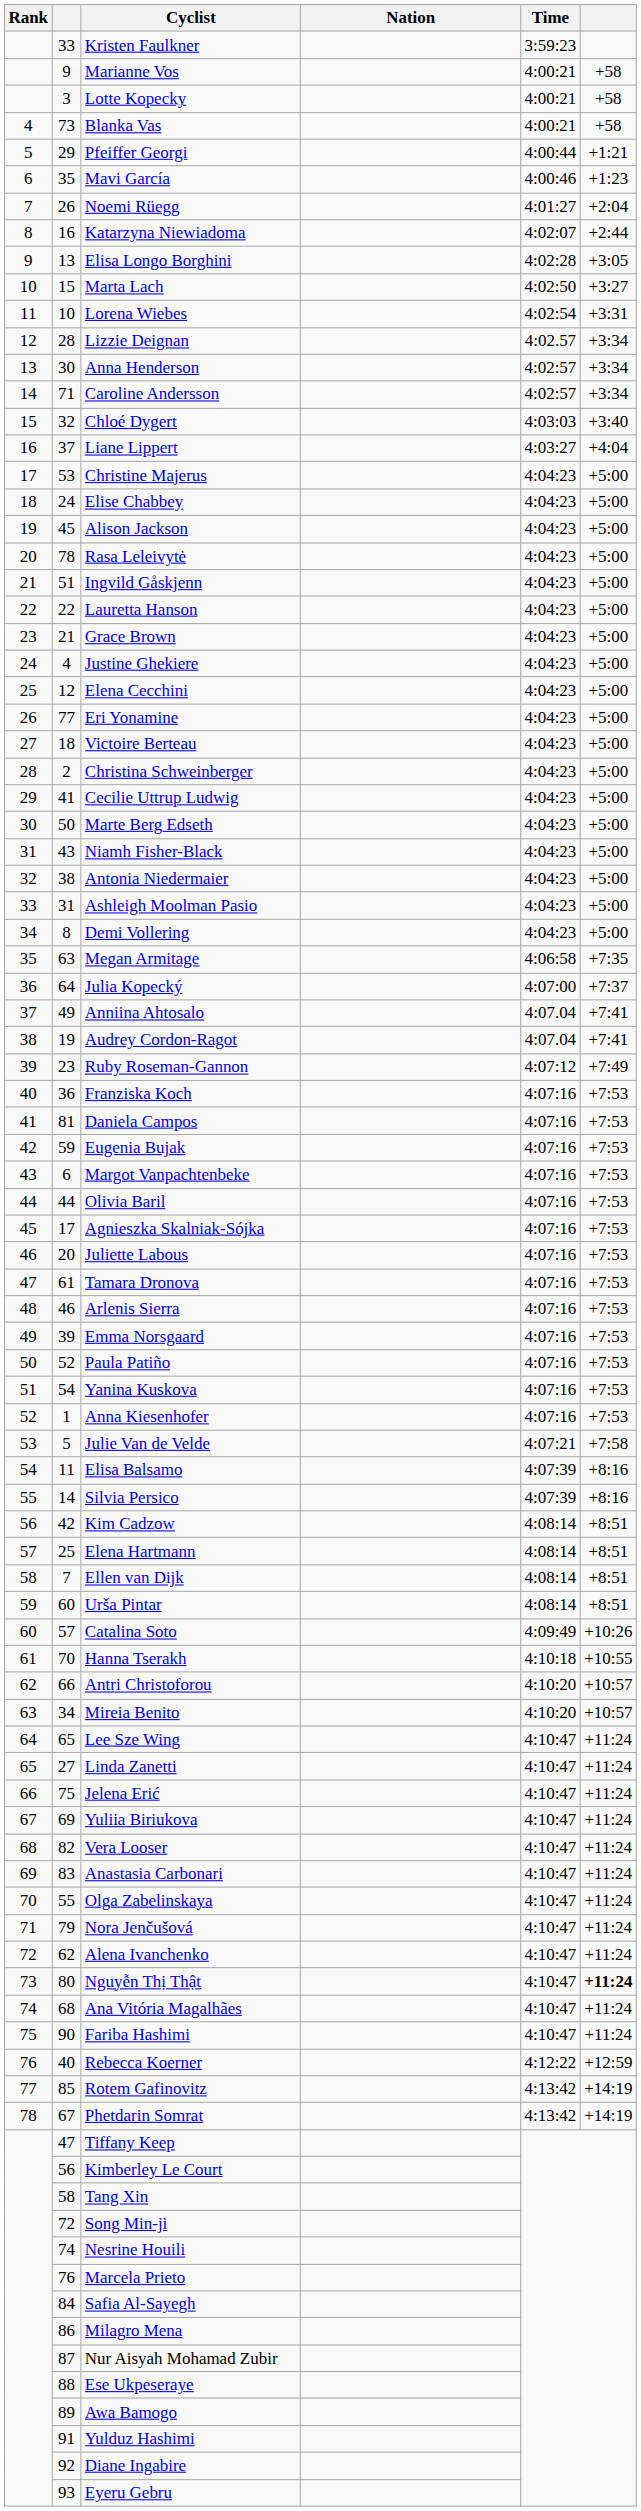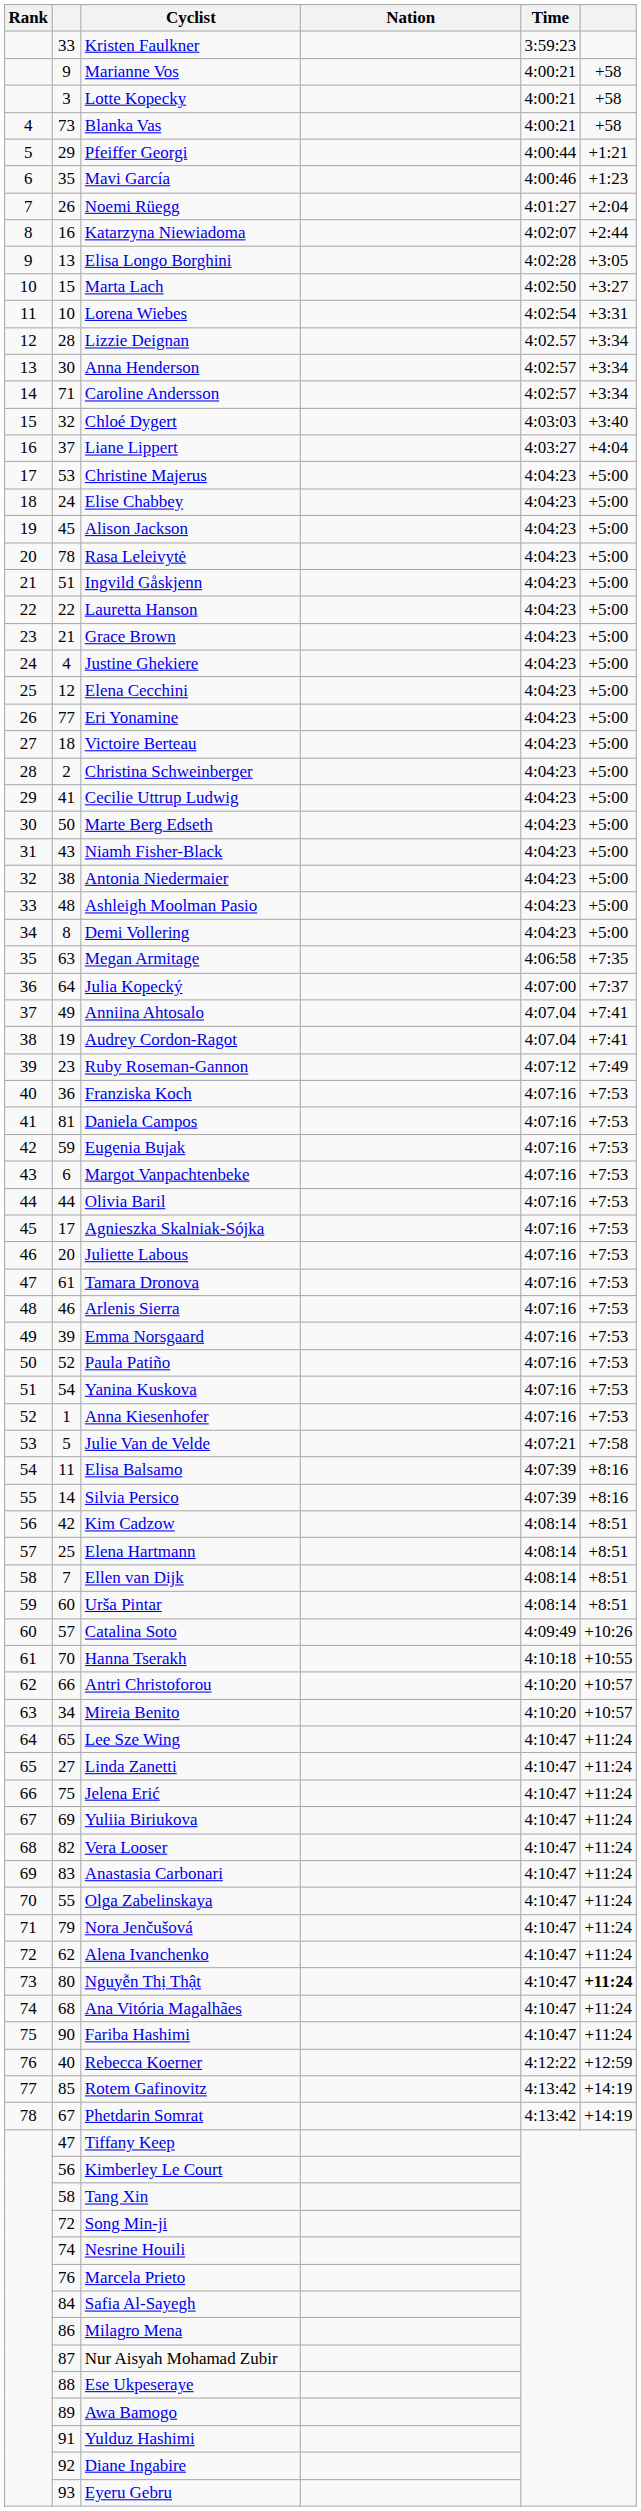 <table class="wikitable sortable" style="text-align:center">
 <tr>
 <th width="30">Rank</th>
 <th width="20"></th>
 <th width="200">Cyclist</th>
 <th width="200">Nation</th>
 <th width="40">Time</th>
 <th width="40"></th>
 </tr>
 <tr>
 <td></td>
 <td>33</td>
 <td align="left"><a href='#'>Kristen Faulkner</a></td>
 <td align="left"></td>
 <td>3:59:23</td>
 <td></td>
 </tr>
 <tr>
 <td></td>
 <td>9</td>
 <td align="left"><a href='#'>Marianne Vos</a></td>
 <td align="left"></td>
 <td>4:00:21</td>
 <td>+58</td>
 </tr>
 <tr>
 <td></td>
 <td>3</td>
 <td align="left"><a href='#'>Lotte Kopecky</a></td>
 <td align="left"></td>
 <td>4:00:21</td>
 <td>+58</td>
 </tr>
 <tr>
 <td>4</td>
 <td>73</td>
 <td align="left"><a href='#'>Blanka Vas</a></td>
 <td align="left"></td>
 <td>4:00:21</td>
 <td>+58</td>
 </tr>
 <tr>
 <td>5</td>
 <td>29</td>
 <td align="left"><a href='#'>Pfeiffer Georgi</a></td>
 <td align="left"></td>
 <td>4:00:44</td>
 <td>+1:21</td>
 </tr>
 <tr>
 <td>6</td>
 <td>35</td>
 <td align="left"><a href='#'>Mavi García</a></td>
 <td align="left"></td>
 <td>4:00:46</td>
 <td>+1:23</td>
 </tr>
 <tr>
 <td>7</td>
 <td>26</td>
 <td align="left"><a href='#'>Noemi Rüegg</a></td>
 <td align="left"></td>
 <td>4:01:27</td>
 <td>+2:04</td>
 </tr>
 <tr>
 <td>8</td>
 <td>16</td>
 <td align="left"><a href='#'>Katarzyna Niewiadoma</a></td>
 <td align="left"></td>
 <td>4:02:07</td>
 <td>+2:44</td>
 </tr>
 <tr>
 <td>9</td>
 <td>13</td>
 <td align="left"><a href='#'>Elisa Longo Borghini</a></td>
 <td align="left"></td>
 <td>4:02:28</td>
 <td>+3:05</td>
 </tr>
 <tr>
 <td>10</td>
 <td>15</td>
 <td align="left"><a href='#'>Marta Lach</a></td>
 <td align="left"></td>
 <td>4:02:50</td>
 <td>+3:27</td>
 </tr>
 <tr>
 <td>11</td>
 <td>10</td>
 <td align="left"><a href='#'>Lorena Wiebes</a></td>
 <td align="left"></td>
 <td>4:02:54</td>
 <td>+3:31</td>
 </tr>
 <tr>
 <td>12</td>
 <td>28</td>
 <td align="left"><a href='#'>Lizzie Deignan</a></td>
 <td align="left"></td>
 <td>4:02.57</td>
 <td>+3:34</td>
 </tr>
 <tr>
 <td>13</td>
 <td>30</td>
 <td align="left"><a href='#'>Anna Henderson</a></td>
 <td align="left"></td>
 <td>4:02:57</td>
 <td>+3:34</td>
 </tr>
 <tr>
 <td>14</td>
 <td>71</td>
 <td align="left"><a href='#'>Caroline Andersson</a></td>
 <td align="left"></td>
 <td>4:02:57</td>
 <td>+3:34</td>
 </tr>
 <tr>
 <td>15</td>
 <td>32</td>
 <td align="left"><a href='#'>Chloé Dygert</a></td>
 <td align="left"></td>
 <td>4:03:03</td>
 <td>+3:40</td>
 </tr>
 <tr>
 <td>16</td>
 <td>37</td>
 <td align="left"><a href='#'>Liane Lippert</a></td>
 <td align="left"></td>
 <td>4:03:27</td>
 <td>+4:04</td>
 </tr>
 <tr>
 <td>17</td>
 <td>53</td>
 <td align="left"><a href='#'>Christine Majerus</a></td>
 <td align="left"></td>
 <td>4:04:23</td>
 <td>+5:00</td>
 </tr>
 <tr>
 <td>18</td>
 <td>24</td>
 <td align="left"><a href='#'>Elise Chabbey</a></td>
 <td align="left"></td>
 <td>4:04:23</td>
 <td>+5:00</td>
 </tr>
 <tr>
 <td>19</td>
 <td>45</td>
 <td align="left"><a href='#'>Alison Jackson</a></td>
 <td align="left"></td>
 <td>4:04:23</td>
 <td>+5:00</td>
 </tr>
 <tr>
 <td>20</td>
 <td>78</td>
 <td align="left"><a href='#'>Rasa Leleivytė</a></td>
 <td align="left"></td>
 <td>4:04:23</td>
 <td>+5:00</td>
 </tr>
 <tr>
 <td>21</td>
 <td>51</td>
 <td align="left"><a href='#'>Ingvild Gåskjenn</a></td>
 <td align="left"></td>
 <td>4:04:23</td>
 <td>+5:00</td>
 </tr>
 <tr>
 <td>22</td>
 <td>22</td>
 <td align="left"><a href='#'>Lauretta Hanson</a></td>
 <td align="left"></td>
 <td>4:04:23</td>
 <td>+5:00</td>
 </tr>
 <tr>
 <td>23</td>
 <td>21</td>
 <td align="left"><a href='#'>Grace Brown</a></td>
 <td align="left"></td>
 <td>4:04:23</td>
 <td>+5:00</td>
 </tr>
 <tr>
 <td>24</td>
 <td>4</td>
 <td align="left"><a href='#'>Justine Ghekiere</a></td>
 <td align="left"></td>
 <td>4:04:23</td>
 <td>+5:00</td>
 </tr>
 <tr>
 <td>25</td>
 <td>12</td>
 <td align="left"><a href='#'>Elena Cecchini</a></td>
 <td align="left"></td>
 <td>4:04:23</td>
 <td>+5:00</td>
 </tr>
 <tr>
 <td>26</td>
 <td>77</td>
 <td align="left"><a href='#'>Eri Yonamine</a></td>
 <td align="left"></td>
 <td>4:04:23</td>
 <td>+5:00</td>
 </tr>
 <tr>
 <td>27</td>
 <td>18</td>
 <td align="left"><a href='#'>Victoire Berteau</a></td>
 <td align="left"></td>
 <td>4:04:23</td>
 <td>+5:00</td>
 </tr>
 <tr>
 <td>28</td>
 <td>2</td>
 <td align="left"><a href='#'>Christina Schweinberger</a></td>
 <td align="left"></td>
 <td>4:04:23</td>
 <td>+5:00</td>
 </tr>
 <tr>
 <td>29</td>
 <td>41</td>
 <td align="left"><a href='#'>Cecilie Uttrup Ludwig</a></td>
 <td align="left"></td>
 <td>4:04:23</td>
 <td>+5:00</td>
 </tr>
 <tr>
 <td>30</td>
 <td>50</td>
 <td align="left"><a href='#'>Marte Berg Edseth</a></td>
 <td align="left"></td>
 <td>4:04:23</td>
 <td>+5:00</td>
 </tr>
 <tr>
 <td>31</td>
 <td>43</td>
 <td align="left"><a href='#'>Niamh Fisher-Black</a></td>
 <td align="left"></td>
 <td>4:04:23</td>
 <td>+5:00</td>
 </tr>
 <tr>
 <td>32</td>
 <td>38</td>
 <td align="left"><a href='#'>Antonia Niedermaier</a></td>
 <td align="left"></td>
 <td>4:04:23</td>
 <td>+5:00</td>
 </tr>
 <tr>
 <td>33</td>
-<td>31</td>
+<td>48</td>
 <td align="left"><a href='#'>Ashleigh Moolman Pasio</a></td>
 <td align="left"></td>
 <td>4:04:23</td>
 <td>+5:00</td>
 </tr>
 <tr>
 <td>34</td>
 <td>8</td>
 <td align="left"><a href='#'>Demi Vollering</a></td>
 <td align="left"></td>
 <td>4:04:23</td>
 <td>+5:00</td>
 </tr>
 <tr>
 <td>35</td>
 <td>63</td>
 <td align="left"><a href='#'>Megan Armitage</a></td>
 <td align="left"></td>
 <td>4:06:58</td>
 <td>+7:35</td>
 </tr>
 <tr>
 <td>36</td>
 <td>64</td>
 <td align="left"><a href='#'>Julia Kopecký</a></td>
 <td align="left"></td>
 <td>4:07:00</td>
 <td>+7:37</td>
 </tr>
 <tr>
 <td>37</td>
 <td>49</td>
 <td align="left"><a href='#'>Anniina Ahtosalo</a></td>
 <td align="left"></td>
 <td>4:07.04</td>
 <td>+7:41</td>
 </tr>
 <tr>
 <td>38</td>
 <td>19</td>
 <td align="left"><a href='#'>Audrey Cordon-Ragot</a></td>
 <td align="left"></td>
 <td>4:07.04</td>
 <td>+7:41</td>
 </tr>
 <tr>
 <td>39</td>
 <td>23</td>
 <td align="left"><a href='#'>Ruby Roseman-Gannon</a></td>
 <td align="left"></td>
 <td>4:07:12</td>
 <td>+7:49</td>
 </tr>
 <tr>
 <td>40</td>
 <td>36</td>
 <td align="left"><a href='#'>Franziska Koch</a></td>
 <td align="left"></td>
 <td>4:07:16</td>
 <td>+7:53</td>
 </tr>
 <tr>
 <td>41</td>
 <td>81</td>
 <td align="left"><a href='#'>Daniela Campos</a></td>
 <td align="left"></td>
 <td>4:07:16</td>
 <td>+7:53</td>
 </tr>
 <tr>
 <td>42</td>
 <td>59</td>
 <td align="left"><a href='#'>Eugenia Bujak</a></td>
 <td align="left"></td>
 <td>4:07:16</td>
 <td>+7:53</td>
 </tr>
 <tr>
 <td>43</td>
 <td>6</td>
 <td align="left"><a href='#'>Margot Vanpachtenbeke</a></td>
 <td align="left"></td>
 <td>4:07:16</td>
 <td>+7:53</td>
 </tr>
 <tr>
 <td>44</td>
 <td>44</td>
 <td align="left"><a href='#'>Olivia Baril</a></td>
 <td align="left"></td>
 <td>4:07:16</td>
 <td>+7:53</td>
 </tr>
 <tr>
 <td>45</td>
 <td>17</td>
 <td align="left"><a href='#'>Agnieszka Skalniak-Sójka</a></td>
 <td align="left"></td>
 <td>4:07:16</td>
 <td>+7:53</td>
 </tr>
 <tr>
 <td>46</td>
 <td>20</td>
 <td align="left"><a href='#'>Juliette Labous</a></td>
 <td align="left"></td>
 <td>4:07:16</td>
 <td>+7:53</td>
 </tr>
 <tr>
 <td>47</td>
 <td>61</td>
 <td align="left"><a href='#'>Tamara Dronova</a></td>
 <td align="left"></td>
 <td>4:07:16</td>
 <td>+7:53</td>
 </tr>
 <tr>
 <td>48</td>
 <td>46</td>
 <td align="left"><a href='#'>Arlenis Sierra</a></td>
 <td align="left"></td>
 <td>4:07:16</td>
 <td>+7:53</td>
 </tr>
 <tr>
 <td>49</td>
 <td>39</td>
 <td align="left"><a href='#'>Emma Norsgaard</a></td>
 <td align="left"></td>
 <td>4:07:16</td>
 <td>+7:53</td>
 </tr>
 <tr>
 <td>50</td>
 <td>52</td>
 <td align="left"><a href='#'>Paula Patiño</a></td>
 <td align="left"></td>
 <td>4:07:16</td>
 <td>+7:53</td>
 </tr>
 <tr>
 <td>51</td>
 <td>54</td>
 <td align="left"><a href='#'>Yanina Kuskova</a></td>
 <td align="left"></td>
 <td>4:07:16</td>
 <td>+7:53</td>
 </tr>
 <tr>
 <td>52</td>
 <td>1</td>
 <td align="left"><a href='#'>Anna Kiesenhofer</a></td>
 <td align="left"></td>
 <td>4:07:16</td>
 <td>+7:53</td>
 </tr>
 <tr>
 <td>53</td>
 <td>5</td>
 <td align="left"><a href='#'>Julie Van de Velde</a></td>
 <td align="left"></td>
 <td>4:07:21</td>
 <td>+7:58</td>
 </tr>
 <tr>
 <td>54</td>
 <td>11</td>
 <td align="left"><a href='#'>Elisa Balsamo</a></td>
 <td align="left"></td>
 <td>4:07:39</td>
 <td>+8:16</td>
 </tr>
 <tr>
 <td>55</td>
 <td>14</td>
 <td align="left"><a href='#'>Silvia Persico</a></td>
 <td align="left"></td>
 <td>4:07:39</td>
 <td>+8:16</td>
 </tr>
 <tr>
 <td>56</td>
 <td>42</td>
 <td align="left"><a href='#'>Kim Cadzow</a></td>
 <td align="left"></td>
 <td>4:08:14</td>
 <td>+8:51</td>
 </tr>
 <tr>
 <td>57</td>
 <td>25</td>
 <td align="left"><a href='#'>Elena Hartmann</a></td>
 <td align="left"></td>
 <td>4:08:14</td>
 <td>+8:51</td>
 </tr>
 <tr>
 <td>58</td>
 <td>7</td>
 <td align="left"><a href='#'>Ellen van Dijk</a></td>
 <td align="left"></td>
 <td>4:08:14</td>
 <td>+8:51</td>
 </tr>
 <tr>
 <td>59</td>
 <td>60</td>
 <td align="left"><a href='#'>Urša Pintar</a></td>
 <td align="left"></td>
 <td>4:08:14</td>
 <td>+8:51</td>
 </tr>
 <tr>
 <td>60</td>
 <td>57</td>
 <td align="left"><a href='#'>Catalina Soto</a></td>
 <td align="left"></td>
 <td>4:09:49</td>
 <td>+10:26</td>
 </tr>
 <tr>
 <td>61</td>
 <td>70</td>
 <td align="left"><a href='#'>Hanna Tserakh</a></td>
 <td align="left"></td>
 <td>4:10:18</td>
 <td>+10:55</td>
 </tr>
 <tr>
 <td>62</td>
 <td>66</td>
 <td align="left"><a href='#'>Antri Christoforou</a></td>
 <td align="left"></td>
 <td>4:10:20</td>
 <td>+10:57</td>
 </tr>
 <tr>
 <td>63</td>
 <td>34</td>
 <td align="left"><a href='#'>Mireia Benito</a></td>
 <td align="left"></td>
 <td>4:10:20</td>
 <td>+10:57</td>
 </tr>
 <tr>
 <td>64</td>
 <td>65</td>
 <td align="left"><a href='#'>Lee Sze Wing</a></td>
 <td align="left"></td>
 <td>4:10:47</td>
 <td>+11:24</td>
 </tr>
 <tr>
 <td>65</td>
 <td>27</td>
 <td align="left"><a href='#'>Linda Zanetti</a></td>
 <td align="left"></td>
 <td>4:10:47</td>
 <td>+11:24</td>
 </tr>
 <tr>
 <td>66</td>
 <td>75</td>
 <td align="left"><a href='#'>Jelena Erić</a></td>
 <td align="left"></td>
 <td>4:10:47</td>
 <td>+11:24</td>
 </tr>
 <tr>
 <td>67</td>
 <td>69</td>
 <td align="left"><a href='#'>Yuliia Biriukova</a></td>
 <td align="left"></td>
 <td>4:10:47</td>
 <td>+11:24</td>
 </tr>
 <tr>
 <td>68</td>
 <td>82</td>
 <td align="left"><a href='#'>Vera Looser</a></td>
 <td align="left"></td>
 <td>4:10:47</td>
 <td>+11:24</td>
 </tr>
 <tr>
 <td>69</td>
 <td>83</td>
 <td align="left"><a href='#'>Anastasia Carbonari</a></td>
 <td align="left"></td>
 <td>4:10:47</td>
 <td>+11:24</td>
 </tr>
 <tr>
 <td>70</td>
 <td>55</td>
 <td align="left"><a href='#'>Olga Zabelinskaya</a></td>
 <td align="left"></td>
 <td>4:10:47</td>
 <td>+11:24</td>
 </tr>
 <tr>
 <td>71</td>
 <td>79</td>
 <td align="left"><a href='#'>Nora Jenčušová</a></td>
 <td align="left"></td>
 <td>4:10:47</td>
 <td>+11:24</td>
 </tr>
 <tr>
 <td>72</td>
 <td>62</td>
 <td align="left"><a href='#'>Alena Ivanchenko</a></td>
 <td align="left"></td>
 <td>4:10:47</td>
 <td>+11:24</td>
 </tr>
 <tr>
 <td>73</td>
 <td>80</td>
 <td align="left"><a href='#'>Nguyễn Thị Thật</a></td>
 <td align="left"></td>
 <td>4:10:47</td>
 <td><strong>+11:24</strong></td>
 </tr>
 <tr>
 <td>74</td>
 <td>68</td>
 <td align="left"><a href='#'>Ana Vitória Magalhães</a></td>
 <td align="left"></td>
 <td>4:10:47</td>
 <td>+11:24</td>
 </tr>
 <tr>
 <td>75</td>
 <td>90</td>
 <td align="left"><a href='#'>Fariba Hashimi</a></td>
 <td align="left"></td>
 <td>4:10:47</td>
 <td>+11:24</td>
 </tr>
 <tr>
 <td>76</td>
 <td>40</td>
 <td align="left"><a href='#'>Rebecca Koerner</a></td>
 <td align="left"></td>
 <td>4:12:22</td>
 <td>+12:59</td>
 </tr>
 <tr>
 <td>77</td>
 <td>85</td>
 <td align="left"><a href='#'>Rotem Gafinovitz</a></td>
 <td align="left"></td>
 <td>4:13:42</td>
 <td>+14:19</td>
 </tr>
 <tr>
 <td>78</td>
 <td>67</td>
 <td align="left"><a href='#'>Phetdarin Somrat</a></td>
 <td align="left"></td>
 <td>4:13:42</td>
 <td>+14:19</td>
 </tr>
 <tr>
 <td rowspan="14"></td>
 <td>47</td>
 <td align="left"><a href='#'>Tiffany Keep</a></td>
 <td align="left"></td>
 <td colspan="2" rowspan="14"></td>
 </tr>
 <tr>
 <td>56</td>
 <td align="left"><a href='#'>Kimberley Le Court</a></td>
 <td align="left"></td>
 </tr>
 <tr>
 <td>58</td>
 <td align="left"><a href='#'>Tang Xin</a></td>
 <td align="left"></td>
 </tr>
 <tr>
 <td>72</td>
 <td align="left"><a href='#'>Song Min-ji</a></td>
 <td align="left"></td>
 </tr>
 <tr>
 <td>74</td>
 <td align="left"><a href='#'>Nesrine Houili</a></td>
 <td align="left"></td>
 </tr>
 <tr>
 <td>76</td>
 <td align="left"><a href='#'>Marcela Prieto</a></td>
 <td align="left"></td>
 </tr>
 <tr>
 <td>84</td>
 <td align="left"><a href='#'>Safia Al-Sayegh</a></td>
 <td align="left"></td>
 </tr>
 <tr>
 <td>86</td>
 <td align="left"><a href='#'>Milagro Mena</a></td>
 <td align="left"></td>
 </tr>
 <tr>
 <td>87</td>
 <td align="left">Nur Aisyah Mohamad Zubir</td>
 <td align="left"></td>
 </tr>
 <tr>
 <td>88</td>
 <td align="left"><a href='#'>Ese Ukpeseraye</a></td>
 <td align="left"></td>
 </tr>
 <tr>
 <td>89</td>
 <td align="left"><a href='#'>Awa Bamogo</a></td>
 <td align="left"></td>
 </tr>
 <tr>
 <td>91</td>
 <td align="left"><a href='#'>Yulduz Hashimi</a></td>
 <td align="left"></td>
 </tr>
 <tr>
 <td>92</td>
 <td align="left"><a href='#'>Diane Ingabire</a></td>
 <td align="left"></td>
 </tr>
 <tr>
 <td>93</td>
 <td align="left"><a href='#'>Eyeru Gebru</a></td>
 <td align="left"></td>
 </tr>
 </table>
